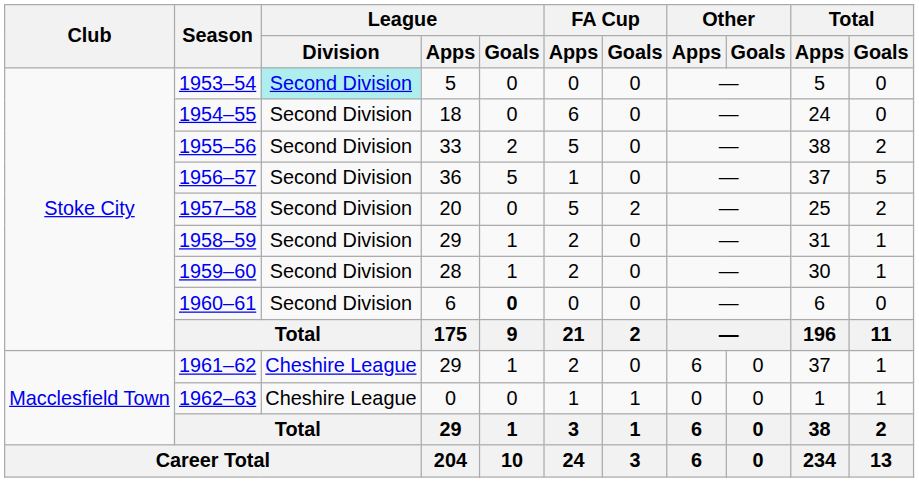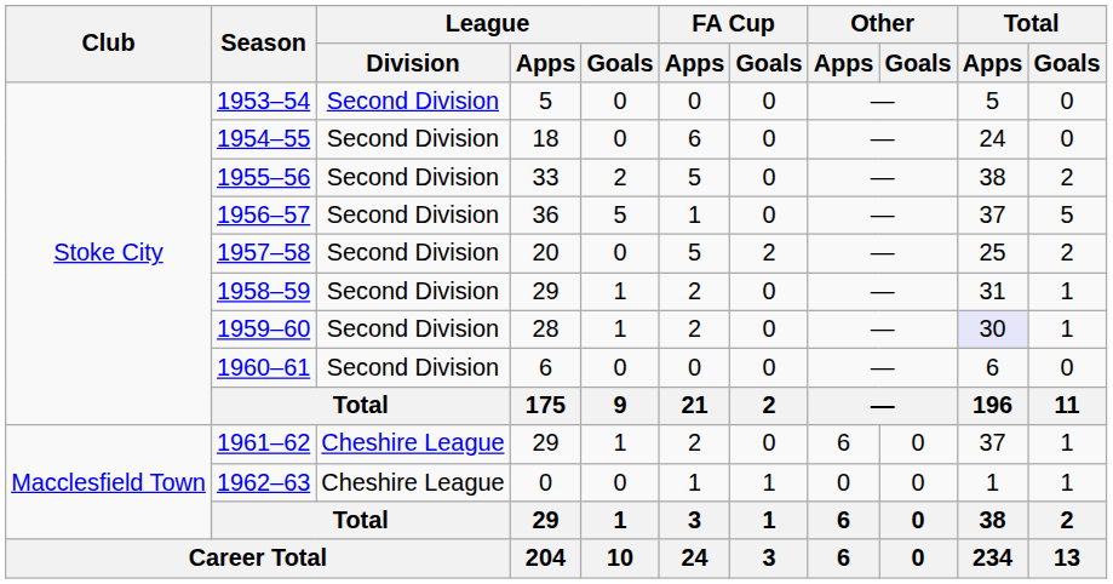 <table class="wikitable" style="text-align: center;">
 <tr>
 <th rowspan="2">Club</th>
 <th rowspan="2">Season</th>
 <th colspan="3">League</th>
 <th colspan="2">FA Cup</th>
 <th colspan="2">Other</th>
 <th colspan="2">Total</th>
 </tr>
 <tr>
 <th>Division</th>
 <th>Apps</th>
 <th>Goals</th>
 <th>Apps</th>
 <th>Goals</th>
 <th>Apps</th>
 <th>Goals</th>
 <th>Apps</th>
 <th>Goals</th>
 </tr>
 <tr>
 <td rowspan=9><a href='#'>Stoke City</a></td>
 <td><a href='#'>1953–54</a></td>
-<td style="background: paleturquoise;"><a href='#'>Second Division</a></td>
+<td><a href='#'>Second Division</a></td>
 <td>5</td>
 <td>0</td>
 <td>0</td>
 <td>0</td>
 <td colspan="2">—</td>
 <td>5</td>
 <td>0</td>
 </tr>
 <tr>
 <td><a href='#'>1954–55</a></td>
 <td>Second Division</td>
 <td>18</td>
 <td>0</td>
 <td>6</td>
 <td>0</td>
 <td colspan="2">—</td>
 <td>24</td>
 <td>0</td>
 </tr>
 <tr>
 <td><a href='#'>1955–56</a></td>
 <td>Second Division</td>
 <td>33</td>
 <td>2</td>
 <td>5</td>
 <td>0</td>
 <td colspan="2">—</td>
 <td>38</td>
 <td>2</td>
 </tr>
 <tr>
 <td><a href='#'>1956–57</a></td>
 <td>Second Division</td>
 <td>36</td>
 <td>5</td>
 <td>1</td>
 <td>0</td>
 <td colspan="2">—</td>
 <td>37</td>
 <td>5</td>
 </tr>
 <tr>
 <td><a href='#'>1957–58</a></td>
 <td>Second Division</td>
 <td>20</td>
 <td>0</td>
 <td>5</td>
 <td>2</td>
 <td colspan="2">—</td>
 <td>25</td>
 <td>2</td>
 </tr>
 <tr>
 <td><a href='#'>1958–59</a></td>
 <td>Second Division</td>
 <td>29</td>
 <td>1</td>
 <td>2</td>
 <td>0</td>
 <td colspan="2">—</td>
 <td>31</td>
 <td>1</td>
 </tr>
 <tr>
 <td><a href='#'>1959–60</a></td>
 <td>Second Division</td>
 <td>28</td>
 <td>1</td>
 <td>2</td>
 <td>0</td>
 <td colspan="2">—</td>
-<td>30</td>
+<td style="background: lavender;">30</td>
 <td>1</td>
 </tr>
 <tr>
 <td><a href='#'>1960–61</a></td>
 <td>Second Division</td>
 <td>6</td>
-<td><strong>0</strong></td>
+<td>0</td>
 <td>0</td>
 <td>0</td>
 <td colspan="2">—</td>
 <td>6</td>
 <td>0</td>
 </tr>
 <tr>
 <th colspan=2>Total</th>
 <th>175</th>
 <th>9</th>
 <th>21</th>
 <th>2</th>
 <th colspan="2">—</th>
 <th>196</th>
 <th>11</th>
 </tr>
 <tr>
 <td rowspan=3><a href='#'>Macclesfield Town</a></td>
 <td><a href='#'>1961–62</a></td>
 <td><a href='#'>Cheshire League</a></td>
 <td>29</td>
 <td>1</td>
 <td>2</td>
 <td>0</td>
 <td>6</td>
 <td>0</td>
 <td>37</td>
 <td>1</td>
 </tr>
 <tr>
 <td><a href='#'>1962–63</a></td>
 <td>Cheshire League</td>
 <td>0</td>
 <td>0</td>
 <td>1</td>
 <td>1</td>
 <td>0</td>
 <td>0</td>
 <td>1</td>
 <td>1</td>
 </tr>
 <tr>
 <th colspan=2>Total</th>
 <th>29</th>
 <th>1</th>
 <th>3</th>
 <th>1</th>
 <th>6</th>
 <th>0</th>
 <th>38</th>
 <th>2</th>
 </tr>
 <tr>
 <th colspan="3">Career Total</th>
 <th>204</th>
 <th>10</th>
 <th>24</th>
 <th>3</th>
 <th>6</th>
 <th>0</th>
 <th>234</th>
 <th>13</th>
 </tr>
 </table>
